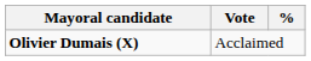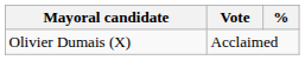 <table class="wikitable">
 <tr>
 <th bgcolor="#DDDDFF" width="200px">Mayoral candidate</th>
 <th bgcolor="#DDDDFF" width="50px">Vote</th>
 <th bgcolor="#DDDDFF" width="30px">%</th>
 </tr>
 <tr>
-<td><strong>Olivier Dumais (X)</strong></td>
+<td>Olivier Dumais (X)</td>
 <td colspan="2">Acclaimed</td>
 </tr>
 </table>
